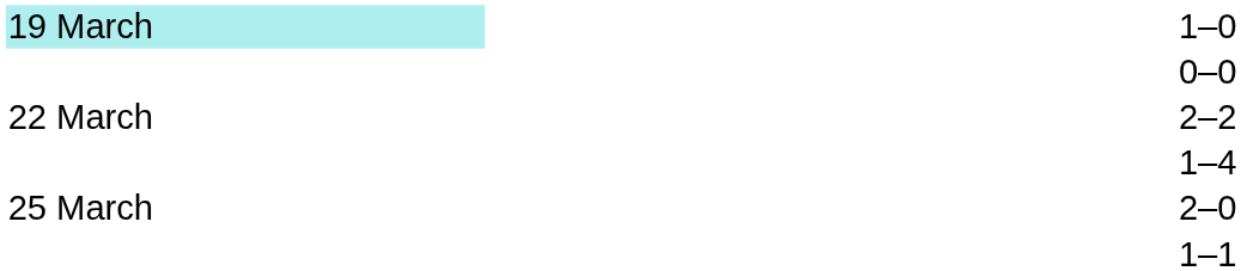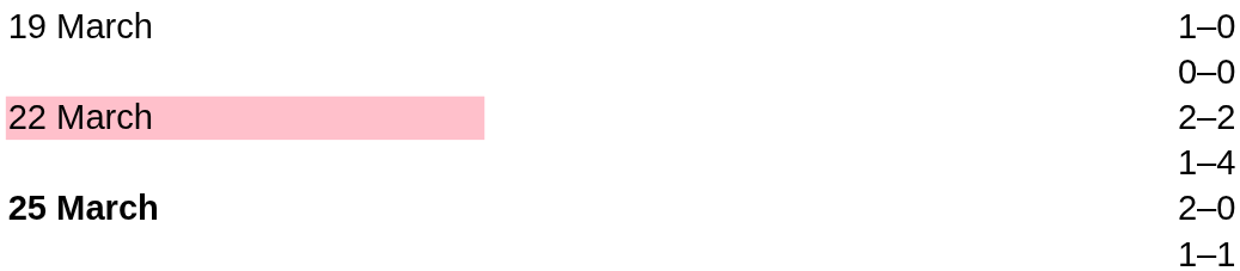 <table cellspacing=1 width=70%>
 <tr>
 <th width=25%></th>
 <th width=30%></th>
 <th width=15%></th>
 <th width=30%></th>
 </tr>
 <tr>
-<td style="background: paleturquoise;">19 March</td>
+<td>19 March</td>
 <td align=right></td>
 <td align=center>1–0</td>
 <td></td>
 </tr>
 <tr>
 <td></td>
 <td align=right></td>
 <td align=center>0–0</td>
 <td></td>
 </tr>
 <tr>
-<td>22 March</td>
+<td style="background: pink;">22 March</td>
 <td align=right></td>
 <td align=center>2–2</td>
 <td></td>
 </tr>
 <tr>
 <td></td>
 <td align=right></td>
 <td align=center>1–4</td>
 <td></td>
 </tr>
 <tr>
-<td>25 March</td>
+<td><strong>25 March</strong></td>
 <td align=right></td>
 <td align=center>2–0</td>
 <td></td>
 </tr>
 <tr>
 <td></td>
 <td align=right></td>
 <td align=center>1–1</td>
 <td></td>
 </tr>
 </table>
